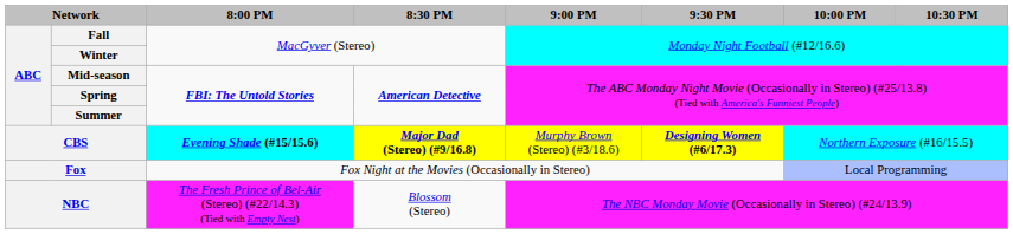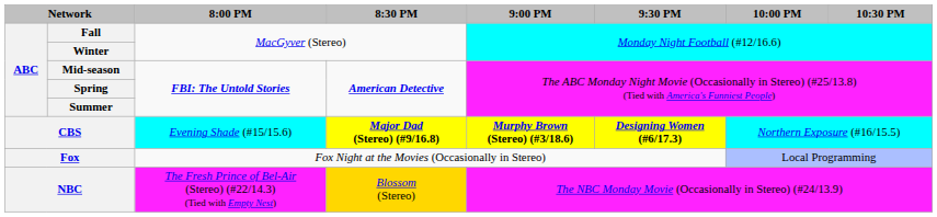 <table class="wikitable" style="width:100%;margin-right:0;text-align:center">
 <tr>
 <th colspan="2" style="background-color:#C0C0C0;text-align:center">Network</th>
 <th style="background-color:#C0C0C0;text-align:center">8:00 PM</th>
 <th style="background-color:#C0C0C0;text-align:center">8:30 PM</th>
 <th style="background-color:#C0C0C0;text-align:center">9:00 PM</th>
 <th style="background-color:#C0C0C0;text-align:center">9:30 PM</th>
 <th style="background-color:#C0C0C0;text-align:center">10:00 PM</th>
 <th style="background-color:#C0C0C0;text-align:center">10:30 PM</th>
 </tr>
 <tr>
 <th rowspan="5"><a href='#'>ABC</a></th>
 <th>Fall</th>
 <td colspan="2" rowspan="2"><em><a href='#'>MacGyver</a></em> (Stereo)</td>
 <td bgcolor="#00FFFF" colspan="4" rowspan="2"><em><a href='#'>Monday Night Football</a></em> (#12/16.6)</td>
 </tr>
 <tr>
 <th>Winter</th>
 </tr>
 <tr>
 <th>Mid-season</th>
 <td rowspan="3"><strong><em><a href='#'>FBI: The Untold Stories</a></em></strong></td>
 <td rowspan="3"><strong><em><a href='#'>American Detective</a></em></strong></td>
 <td bgcolor="#FF22FF" colspan="4" rowspan="3"><em>The ABC Monday Night Movie</em> (Occasionally in Stereo) (#25/13.8)<br><small>(Tied with <em><a href='#'>America's Funniest People</a></em>)</small></td>
 </tr>
 <tr>
 <th>Spring</th>
 </tr>
 <tr>
 <th>Summer</th>
 </tr>
 <tr>
 <th colspan="2"><a href='#'>CBS</a></th>
-<td bgcolor="#00FFFF"><strong><em><a href='#'>Evening Shade</a></em> (#15/15.6)</strong></td>
+<td bgcolor="#00FFFF"><em><a href='#'>Evening Shade</a></em> (#15/15.6)</td>
 <td bgcolor="#FFFF00"><strong><em><a href='#'>Major Dad</a></em><br>(Stereo) (#9/16.8)</strong></td>
-<td bgcolor="#FFFF00"><em><a href='#'>Murphy Brown</a></em><br>(Stereo) (#3/18.6)</td>
+<td bgcolor="#FFFF00"><strong><em><a href='#'>Murphy Brown</a></em><br>(Stereo) (#3/18.6)</strong></td>
 <td bgcolor="#FFFF00"><strong><em><a href='#'>Designing Women</a></em><br>(#6/17.3)</strong></td>
 <td bgcolor="#00FFFF" colspan="2"><em><a href='#'>Northern Exposure</a></em> (#16/15.5)</td>
 </tr>
 <tr>
 <th colspan="2"><a href='#'>Fox</a></th>
 <td colspan="4"><em>Fox Night at the Movies</em> (Occasionally in Stereo)</td>
 <td style="background:#abbfff;" colspan="2">Local Programming</td>
 </tr>
 <tr>
 <th colspan="2"><a href='#'>NBC</a></th>
 <td bgcolor="#FF22FF"><em><a href='#'>The Fresh Prince of Bel-Air</a></em><br>(Stereo) (#22/14.3)<br><small>(Tied with <em><a href='#'>Empty Nest</a></em>)</small></td>
-<td><em><a href='#'>Blossom</a></em><br>(Stereo)</td>
+<td style="background: gold;"><em><a href='#'>Blossom</a></em><br>(Stereo)</td>
 <td bgcolor="#FF22FF" colspan="4"><em><a href='#'>The NBC Monday Movie</a></em> (Occasionally in Stereo) (#24/13.9)</td>
 </tr>
 </table>
